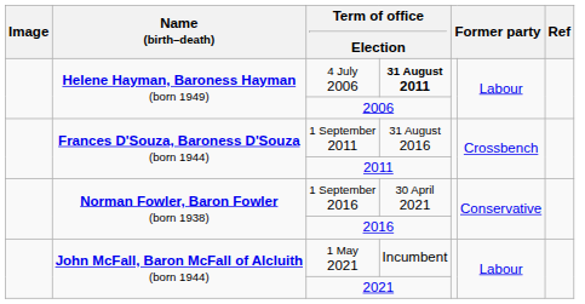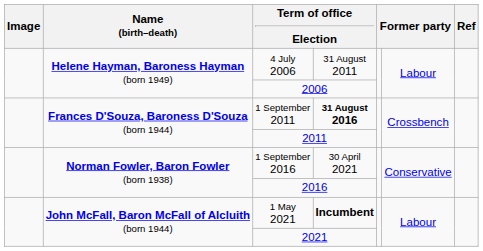 <table class="wikitable" style="text-align:Center; white-space: nowrap">
 <tr>
 <th>Image</th>
 <th>Name<br><small>(birth–death)</small></th>
 <th colspan=2>Term of office<hr>Election</th>
 <th colspan=2>Former party</th>
 <th><abbr>Ref</abbr></th>
 </tr>
 <tr>
 <td rowspan=2></td>
 <td rowspan=2><strong><a href='#'>Helene Hayman, Baroness Hayman</a></strong><br><small>(born 1949)</small></td>
 <td><small>4 July</small><br>2006</td>
-<td><strong><small>31 August</small><br>2011</strong></td>
+<td><small>31 August</small><br>2011</td>
 <td rowspan=2 style="background-color: "></td>
 <td rowspan=2><a href='#'>Labour</a></td>
 <td rowspan=2></td>
 </tr>
 <tr>
 <td colspan=2><a href='#'>2006</a></td>
 </tr>
 <tr>
 <td rowspan=2></td>
 <td rowspan=2><strong><a href='#'>Frances D'Souza, Baroness D'Souza</a></strong><br><small>(born 1944)</small></td>
 <td><small>1 September</small><br>2011</td>
-<td><small>31 August</small><br>2016</td>
+<td><strong><small>31 August</small><br>2016</strong></td>
 <td rowspan=2 style="background-color: "></td>
 <td rowspan=2><a href='#'>Crossbench</a></td>
 <td rowspan=2></td>
 </tr>
 <tr>
 <td colspan=2><a href='#'>2011</a></td>
 </tr>
 <tr>
 <td rowspan=2></td>
 <td rowspan=2><strong><a href='#'>Norman Fowler, Baron Fowler</a></strong><br><small>(born 1938)</small></td>
 <td><small>1 September</small><br>2016</td>
 <td><small>30 April</small><br>2021</td>
 <td rowspan=2 style="background-color: "></td>
 <td rowspan=2><a href='#'>Conservative</a></td>
 <td rowspan=2></td>
 </tr>
 <tr>
 <td colspan=2><a href='#'>2016</a></td>
 </tr>
 <tr>
 <td rowspan=2></td>
 <td rowspan=2><strong><a href='#'>John McFall, Baron McFall of Alcluith</a></strong><br><small>(born 1944)</small></td>
 <td><small>1 May</small><br>2021</td>
-<td>Incumbent</td>
+<td><strong>Incumbent</strong></td>
 <td rowspan=2 style="background-color: "></td>
 <td rowspan=2><a href='#'>Labour</a></td>
 <td rowspan=2></td>
 </tr>
 <tr>
 <td colspan=2><a href='#'>2021</a></td>
 </tr>
 </table>
